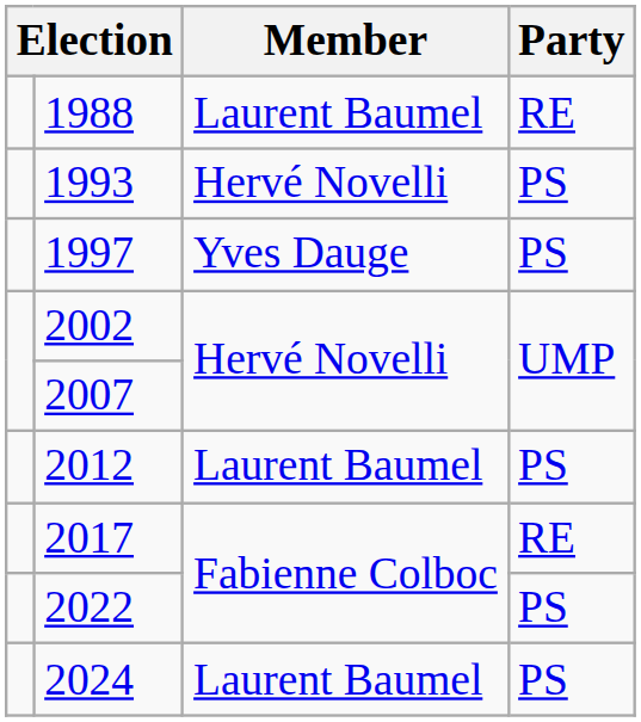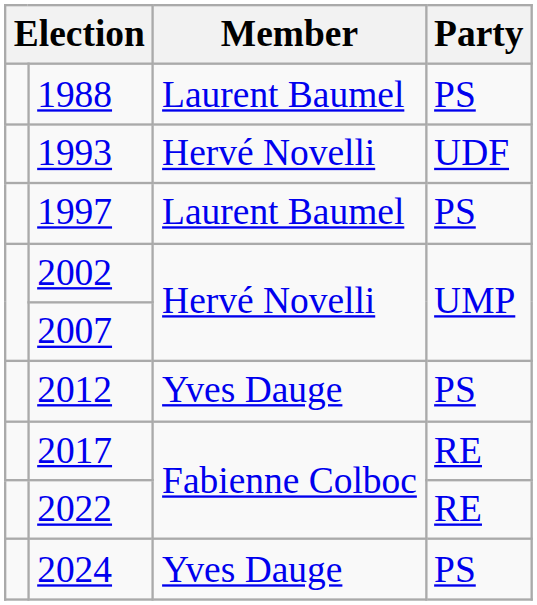 <table class="wikitable">
 <tr>
 <th colspan="2">Election</th>
 <th>Member</th>
 <th>Party</th>
 </tr>
 <tr>
 <td style="color:inherit;background-color:"></td>
 <td><a href='#'>1988</a></td>
 <td><a href='#'>Laurent Baumel</a></td>
-<td><a href='#'>RE</a></td>
+<td><a href='#'>PS</a></td>
 </tr>
 <tr>
 <td style="color:inherit;background-color:"></td>
 <td><a href='#'>1993</a></td>
 <td><a href='#'>Hervé Novelli</a></td>
-<td><a href='#'>PS</a></td>
+<td><a href='#'>UDF</a></td>
 </tr>
 <tr>
 <td style="color:inherit;background-color:"></td>
 <td><a href='#'>1997</a></td>
-<td><a href='#'>Yves Dauge</a></td>
+<td><a href='#'>Laurent Baumel</a></td>
 <td><a href='#'>PS</a></td>
 </tr>
 <tr>
 <td rowspan="2" style="color:inherit;background-color:"></td>
 <td><a href='#'>2002</a></td>
 <td rowspan="2"><a href='#'>Hervé Novelli</a><br></td>
 <td rowspan="2"><a href='#'>UMP</a></td>
 </tr>
 <tr>
 <td><a href='#'>2007</a></td>
 </tr>
 <tr>
 <td style="color:inherit;background-color:"></td>
 <td><a href='#'>2012</a></td>
-<td><a href='#'>Laurent Baumel</a></td>
+<td><a href='#'>Yves Dauge</a></td>
 <td><a href='#'>PS</a></td>
 </tr>
 <tr>
 <td style="color:inherit;background-color: "></td>
 <td><a href='#'>2017</a></td>
 <td rowspan="2"><a href='#'>Fabienne Colboc</a></td>
 <td><a href='#'>RE</a></td>
 </tr>
 <tr>
 <td style="color:inherit;background-color: "></td>
 <td><a href='#'>2022</a></td>
-<td><a href='#'>PS</a></td>
+<td><a href='#'>RE</a></td>
 </tr>
 <tr>
 <td style="color:inherit;background-color: "></td>
 <td><a href='#'>2024</a></td>
-<td><a href='#'>Laurent Baumel</a></td>
+<td><a href='#'>Yves Dauge</a></td>
 <td><a href='#'>PS</a></td>
 </tr>
 </table>
